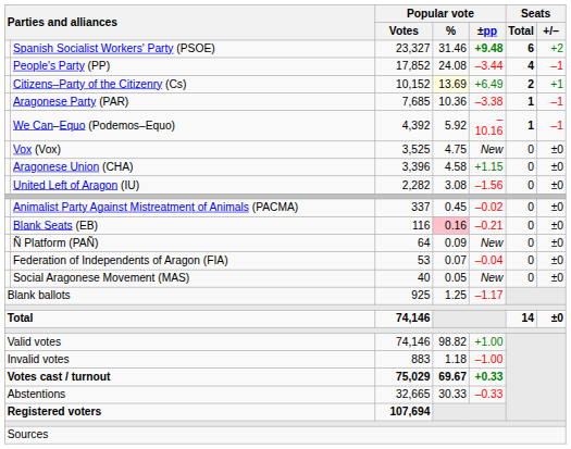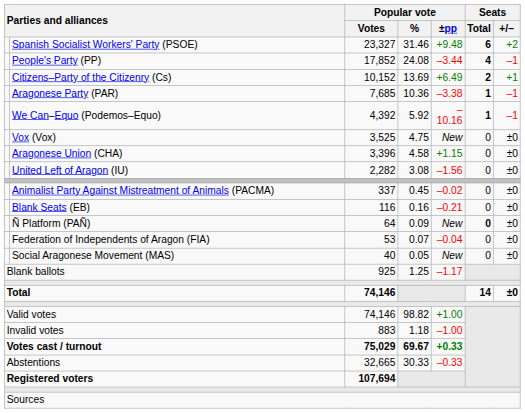 <table class="wikitable" style="text-align:right;">
 <tr>
 <th style="text-align:left;" rowspan="2" colspan="2" width="525">Parties and alliances</th>
 <th colspan="3">Popular vote</th>
 <th colspan="2">Seats</th>
 </tr>
 <tr>
 <th width="75">Votes</th>
 <th width="45">%</th>
 <th width="45">±<a href='#'>pp</a></th>
 <th width="35">Total</th>
 <th width="35">+/−</th>
 </tr>
 <tr>
 <td width="1" style="color:inherit;background:"></td>
 <td align="left"><a href='#'>Spanish Socialist Workers' Party</a> (PSOE)</td>
 <td>23,327</td>
 <td>31.46</td>
-<td style="color:green;"><strong>+9.48</strong></td>
+<td style="color:green;">+9.48</td>
 <td><strong>6</strong></td>
 <td style="color:green;">+2</td>
 </tr>
 <tr>
 <td style="color:inherit;background:"></td>
 <td align="left"><a href='#'>People's Party</a> (PP)</td>
 <td>17,852</td>
 <td>24.08</td>
 <td style="color:red;">–3.44</td>
 <td><strong>4</strong></td>
 <td style="color:red;">–1</td>
 </tr>
 <tr>
 <td style="color:inherit;background:"></td>
 <td align="left"><a href='#'>Citizens–Party of the Citizenry</a> (Cs)</td>
 <td>10,152</td>
-<td style="background: lightyellow;">13.69</td>
+<td>13.69</td>
 <td style="color:green;">+6.49</td>
 <td><strong>2</strong></td>
 <td style="color:green;">+1</td>
 </tr>
 <tr>
 <td style="color:inherit;background:"></td>
 <td align="left"><a href='#'>Aragonese Party</a> (PAR)</td>
 <td>7,685</td>
 <td>10.36</td>
 <td style="color:red;">–3.38</td>
 <td><strong>1</strong></td>
 <td style="color:red;">–1</td>
 </tr>
 <tr>
 <td style="color:inherit;background:"></td>
 <td align="left"><a href='#'>We Can</a>–<a href='#'>Equo</a> (Podemos–Equo)</td>
 <td>4,392</td>
 <td>5.92</td>
 <td style="color:red;">–10.16</td>
 <td><strong>1</strong></td>
 <td style="color:red;">–1</td>
 </tr>
 <tr>
 <td style="color:inherit;background:"></td>
 <td align="left"><a href='#'>Vox</a> (Vox)</td>
 <td>3,525</td>
 <td>4.75</td>
 <td><em>New</em></td>
 <td>0</td>
 <td>±0</td>
 </tr>
 <tr>
 <td style="color:inherit;background:"></td>
 <td align="left"><a href='#'>Aragonese Union</a> (CHA)</td>
 <td>3,396</td>
 <td>4.58</td>
 <td style="color:green;">+1.15</td>
 <td>0</td>
 <td>±0</td>
 </tr>
 <tr>
 <td style="color:inherit;background:"></td>
 <td align="left"><a href='#'>United Left of Aragon</a> (IU)</td>
 <td>2,282</td>
 <td>3.08</td>
 <td style="color:red;">–1.56</td>
 <td>0</td>
 <td>±0</td>
 </tr>
 <tr>
 <td colspan="7" bgcolor="#C0C0C0"></td>
 </tr>
 <tr>
 <td style="color:inherit;background:"></td>
 <td align="left"><a href='#'>Animalist Party Against Mistreatment of Animals</a> (PACMA)</td>
 <td>337</td>
 <td>0.45</td>
 <td style="color:red;">–0.02</td>
 <td>0</td>
 <td>±0</td>
 </tr>
 <tr>
 <td style="color:inherit;background:"></td>
 <td align="left"><a href='#'>Blank Seats</a> (EB)</td>
 <td>116</td>
-<td style="background: pink;">0.16</td>
+<td>0.16</td>
 <td style="color:red;">–0.21</td>
 <td>0</td>
 <td>±0</td>
 </tr>
 <tr>
 <td style="color:inherit;background:"></td>
 <td align="left">Ñ Platform (PAÑ)</td>
 <td>64</td>
 <td>0.09</td>
 <td><em>New</em></td>
-<td>0</td>
+<td><strong>0</strong></td>
 <td>±0</td>
 </tr>
 <tr>
 <td style="color:inherit;background:"></td>
 <td align="left">Federation of Independents of Aragon (FIA)</td>
 <td>53</td>
 <td>0.07</td>
 <td style="color:red;">–0.04</td>
 <td>0</td>
 <td>±0</td>
 </tr>
 <tr>
 <td style="color:inherit;background:"></td>
 <td align="left">Social Aragonese Movement (MAS)</td>
 <td>40</td>
 <td>0.05</td>
 <td><em>New</em></td>
 <td>0</td>
 <td>±0</td>
 </tr>
 <tr>
 <td align="left" colspan="2">Blank ballots</td>
 <td>925</td>
 <td>1.25</td>
 <td style="color:red;">–1.17</td>
 <td bgcolor="#E9E9E9" colspan="2"></td>
 </tr>
 <tr>
 <td colspan="7" bgcolor="#E9E9E9"></td>
 </tr>
 <tr style="font-weight:bold;">
 <td align="left" colspan="2">Total</td>
 <td>74,146</td>
 <td bgcolor="#E9E9E9" colspan="2"></td>
 <td>14</td>
 <td>±0</td>
 </tr>
 <tr>
 <td colspan="7" bgcolor="#E9E9E9"></td>
 </tr>
 <tr>
 <td align="left" colspan="2">Valid votes</td>
 <td>74,146</td>
 <td>98.82</td>
 <td style="color:green;">+1.00</td>
 <td bgcolor="#E9E9E9" colspan="2" rowspan="5"></td>
 </tr>
 <tr>
 <td align="left" colspan="2">Invalid votes</td>
 <td>883</td>
 <td>1.18</td>
 <td style="color:red;">–1.00</td>
 </tr>
 <tr style="font-weight:bold;">
 <td align="left" colspan="2">Votes cast / turnout</td>
 <td>75,029</td>
 <td>69.67</td>
 <td style="color:green;">+0.33</td>
 </tr>
 <tr>
 <td align="left" colspan="2">Abstentions</td>
 <td>32,665</td>
 <td>30.33</td>
 <td style="color:red;">–0.33</td>
 </tr>
 <tr style="font-weight:bold;">
 <td align="left" colspan="2">Registered voters</td>
 <td>107,694</td>
 <td bgcolor="#E9E9E9" colspan="2"></td>
 </tr>
 <tr>
 <td colspan="7" bgcolor="#E9E9E9"></td>
 </tr>
 <tr>
 <td align="left" colspan="7">Sources</td>
 </tr>
 </table>
